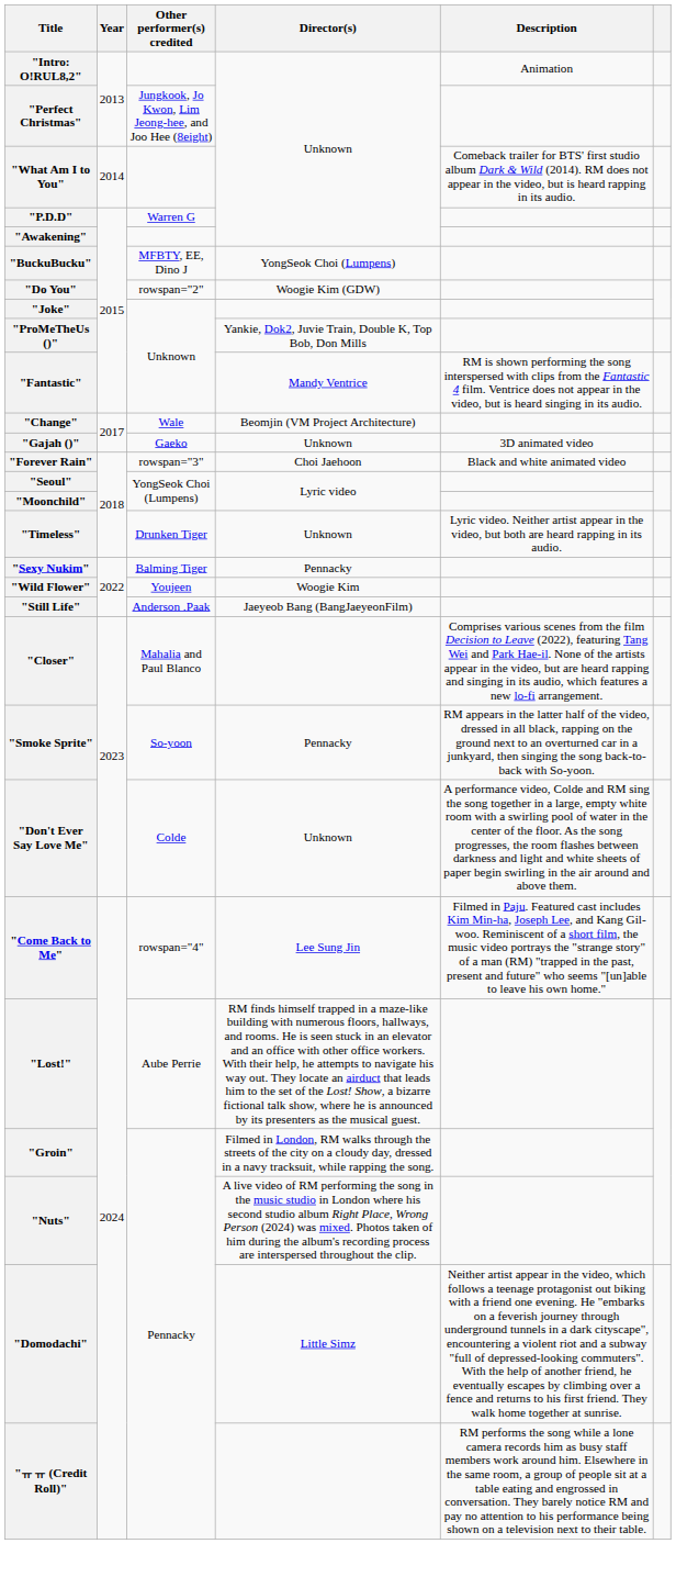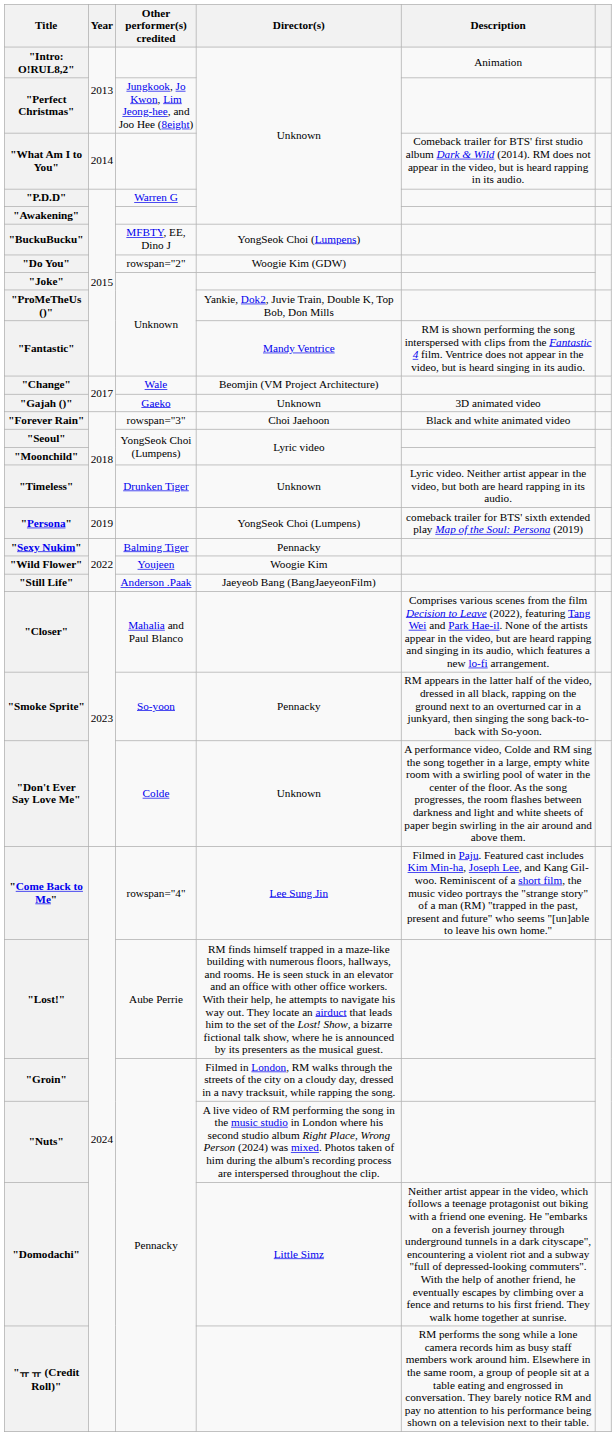 <table class="wikitable sortable plainrowheaders" style="text-align:center;">
 <tr>
 <th scope="col">Title</th>
 <th scope="col">Year</th>
 <th scope="col">Other performer(s) credited</th>
 <th scope="col">Director(s)</th>
 <th scope="col">Description</th>
 <th scope="col" style="width:1em;"></th>
 </tr>
 <tr>
 <th scope="row">"Intro: O!RUL8,2"</th>
 <td rowspan="2">2013</td>
 <td></td>
 <td rowspan="5">Unknown</td>
 <td>Animation</td>
 <td></td>
 </tr>
 <tr>
 <th scope="row">"Perfect Christmas"</th>
 <td><a href='#'>Jungkook</a>, <a href='#'>Jo Kwon</a>, <a href='#'>Lim Jeong-hee</a>, and Joo Hee (<a href='#'>8eight</a>)</td>
 <td></td>
 <td></td>
 </tr>
 <tr>
 <th scope="row">"What Am I to You"</th>
 <td>2014</td>
 <td></td>
 <td>Comeback trailer for BTS' first studio album <em><a href='#'>Dark & Wild</a></em> (2014). RM does not appear in the video, but is heard rapping in its audio.</td>
 <td></td>
 </tr>
 <tr>
 <th scope="row">"P.D.D"</th>
 <td rowspan="7">2015</td>
 <td><a href='#'>Warren G</a></td>
 <td></td>
 <td></td>
 </tr>
 <tr>
 <th scope="row">"Awakening"</th>
 <td></td>
 <td></td>
 <td></td>
 </tr>
 <tr>
 <th scope="row">"BuckuBucku"</th>
 <td><a href='#'>MFBTY</a>, EE, Dino J</td>
 <td>YongSeok Choi (<a href='#'>Lumpens</a>)</td>
 <td></td>
 <td></td>
 </tr>
 <tr>
 <th scope="row">"Do You"</th>
 <td>rowspan="2" </td>
 <td>Woogie Kim (GDW)</td>
 <td></td>
 <td rowspan="2"></td>
 </tr>
 <tr>
 <th scope="row">"Joke"</th>
 <td rowspan="3">Unknown</td>
 <td></td>
 </tr>
 <tr>
 <th scope="row">"ProMeTheUs ()"</th>
 <td>Yankie, <a href='#'>Dok2</a>, Juvie Train, Double K, Top Bob, Don Mills</td>
 <td></td>
 <td></td>
 </tr>
 <tr>
 <th scope="row">"Fantastic"</th>
 <td><a href='#'>Mandy Ventrice</a></td>
 <td>RM is shown performing the song interspersed with clips from the <em><a href='#'>Fantastic 4</a></em> film. Ventrice does not appear in the video, but is heard singing in its audio.</td>
 <td></td>
 </tr>
 <tr>
 <th scope="row">"Change"</th>
 <td rowspan="2">2017</td>
 <td><a href='#'>Wale</a></td>
 <td>Beomjin (VM Project Architecture)</td>
 <td></td>
 <td></td>
 </tr>
 <tr>
 <th scope="row">"Gajah ()"</th>
 <td><a href='#'>Gaeko</a></td>
 <td>Unknown</td>
 <td>3D animated video</td>
 <td></td>
 </tr>
 <tr>
 <th scope="row">"Forever Rain"</th>
 <td rowspan="4">2018</td>
 <td>rowspan="3" </td>
 <td>Choi Jaehoon</td>
 <td>Black and white animated video</td>
 <td></td>
 </tr>
 <tr>
 <th scope="row">"Seoul"</th>
 <td rowspan="2">YongSeok Choi (Lumpens)</td>
 <td rowspan="2">Lyric video</td>
 <td></td>
 </tr>
 <tr>
 <th scope="row">"Moonchild"</th>
 <td></td>
 </tr>
 <tr>
 <th scope="row">"Timeless"</th>
 <td><a href='#'>Drunken Tiger</a></td>
 <td>Unknown</td>
 <td>Lyric video. Neither artist appear in the video, but both are heard rapping in its audio.</td>
 <td></td>
 </tr>
 <tr>
+<th scope="row">"<a href='#'>Persona</a>"</th>
+<td>2019</td>
+<td></td>
+<td>YongSeok Choi (Lumpens)</td>
+<td>comeback trailer for BTS' sixth extended play <em><a href='#'>Map of the Soul: Persona</a></em> (2019)</td>
+<td></td>
+</tr>
+<tr>
 <th scope="row">"<a href='#'>Sexy Nukim</a>"</th>
 <td rowspan="3">2022</td>
 <td><a href='#'>Balming Tiger</a></td>
 <td>Pennacky</td>
 <td></td>
 <td></td>
 </tr>
 <tr>
 <th scope="row">"Wild Flower"</th>
 <td><a href='#'>Youjeen</a></td>
 <td>Woogie Kim</td>
 <td></td>
 <td></td>
 </tr>
 <tr>
 <th scope="row">"Still Life"</th>
 <td><a href='#'>Anderson .Paak</a></td>
 <td>Jaeyeob Bang (BangJaeyeonFilm)</td>
 <td></td>
 <td></td>
 </tr>
 <tr>
 <th scope="row">"Closer"</th>
 <td rowspan="3">2023</td>
 <td><a href='#'>Mahalia</a> and Paul Blanco</td>
 <td></td>
 <td>Comprises various scenes from the film <em><a href='#'>Decision to Leave</a></em> (2022), featuring <a href='#'>Tang Wei</a> and <a href='#'>Park Hae-il</a>. None of the artists appear in the video, but are heard rapping and singing in its audio, which features a new <a href='#'>lo-fi</a> arrangement.</td>
 <td></td>
 </tr>
 <tr>
 <th scope="row">"Smoke Sprite"</th>
 <td><a href='#'>So-yoon</a></td>
 <td>Pennacky</td>
 <td>RM appears in the latter half of the video, dressed in all black, rapping on the ground next to an overturned car in a junkyard, then singing the song back-to-back with So-yoon.</td>
 <td></td>
 </tr>
 <tr>
 <th scope="row">"Don't Ever Say Love Me"</th>
 <td><a href='#'>Colde</a></td>
 <td>Unknown</td>
 <td>A performance video, Colde and RM sing the song together in a large, empty white room with a swirling pool of water in the center of the floor. As the song progresses, the room flashes between darkness and light and white sheets of paper begin swirling in the air around and above them.</td>
 <td></td>
 </tr>
 <tr>
 <th scope="row">"<a href='#'>Come Back to Me</a>"</th>
 <td rowspan="6">2024</td>
 <td>rowspan="4" </td>
 <td><a href='#'>Lee Sung Jin</a></td>
 <td>Filmed in <a href='#'>Paju</a>. Featured cast includes <a href='#'>Kim Min-ha</a>, <a href='#'>Joseph Lee</a>, and Kang Gil-woo. Reminiscent of a <a href='#'>short film</a>, the music video portrays the "strange story" of a man (RM) "trapped in the past, present and future" who seems "[un]able to leave his own home."</td>
 <td></td>
 </tr>
 <tr>
 <th scope="row">"Lost!"</th>
 <td>Aube Perrie</td>
 <td>RM finds himself trapped in a maze-like building with numerous floors, hallways, and rooms. He is seen stuck in an elevator and an office with other office workers. With their help, he attempts to navigate his way out. They locate an <a href='#'>airduct</a> that leads him to the set of the <em>Lost! Show</em>, a bizarre fictional talk show, where he is announced by its presenters as the musical guest.</td>
 <td></td>
 </tr>
 <tr>
 <th scope="row">"Groin"</th>
 <td rowspan="4">Pennacky</td>
 <td>Filmed in <a href='#'>London</a>, RM walks through the streets of the city on a cloudy day, dressed in a navy tracksuit, while rapping the song.</td>
 <td></td>
 </tr>
 <tr>
 <th scope="row">"Nuts"</th>
 <td>A live video of RM performing the song in the <a href='#'>music studio</a> in London where his second studio album <em>Right Place, Wrong Person</em> (2024) was <a href='#'>mixed</a>. Photos taken of him during the album's recording process are interspersed throughout the clip.</td>
 <td></td>
 </tr>
 <tr>
 <th scope="row">"Domodachi"</th>
 <td><a href='#'>Little Simz</a></td>
 <td>Neither artist appear in the video, which follows a teenage protagonist out biking with a friend one evening. He "embarks on a feverish journey through underground tunnels in a dark cityscape", encountering a violent riot and a subway "full of depressed-looking commuters". With the help of another friend, he eventually escapes by climbing over a fence and returns to his first friend. They walk home together at sunrise.</td>
 <td></td>
 </tr>
 <tr>
 <th scope="row">"ㅠㅠ (Credit Roll)"</th>
 <td></td>
 <td>RM performs the song while a lone camera records him as busy staff members work around him. Elsewhere in the same room, a group of people sit at a table eating and engrossed in conversation. They barely notice RM and pay no attention to his performance being shown on a television next to their table.</td>
 <td></td>
 </tr>
 </table>
